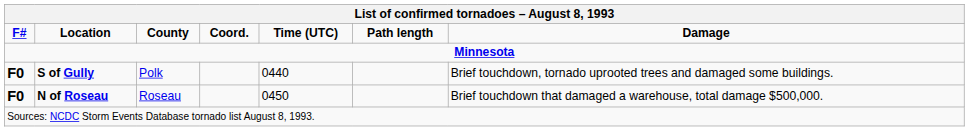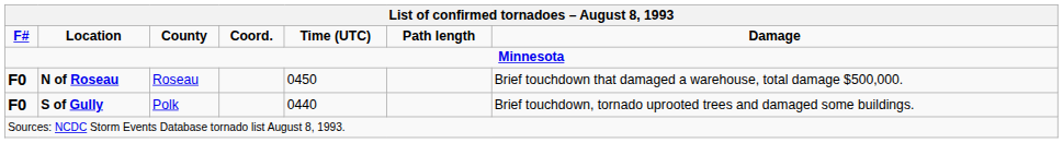 <table class="wikitable collapsible" width="100%">
 <tr>
 <th colspan="7">List of confirmed tornadoes – August 8, 1993</th>
 </tr>
 <tr style="text-align:center;">
 <td><strong><a href='#'>F#</a></strong></td>
 <td><strong>Location</strong></td>
 <td><strong>County</strong></td>
 <td><strong>Coord.</strong></td>
 <td><strong>Time (UTC)</strong></td>
 <td><strong>Path length</strong></td>
 <td><strong>Damage</strong></td>
 </tr>
 <tr>
 <td colspan="7" align=center><strong><a href='#'>Minnesota</a></strong></td>
 </tr>
 <tr>
 <td><big><strong>F0</strong></big></td>
+<td><strong>N of <a href='#'>Roseau</a></strong></td>
+<td><a href='#'>Roseau</a></td>
+<td></td>
+<td>0450</td>
+<td></td>
+<td>Brief touchdown that damaged a warehouse, total damage $500,000.</td>
+</tr>
+<tr>
+<td><big><strong>F0</strong></big></td>
 <td><strong>S of <a href='#'>Gully</a></strong></td>
 <td><a href='#'>Polk</a></td>
 <td></td>
 <td>0440</td>
 <td></td>
 <td>Brief touchdown, tornado uprooted trees and damaged some buildings.</td>
 </tr>
 <tr>
-<td><big><strong>F0</strong></big></td>
-<td><strong>N of <a href='#'>Roseau</a></strong></td>
-<td><a href='#'>Roseau</a></td>
-<td></td>
-<td>0450</td>
-<td></td>
-<td>Brief touchdown that damaged a warehouse, total damage $500,000.</td>
-</tr>
-<tr>
 <td colspan="7"><small>Sources: <a href='#'>NCDC</a> Storm Events Database tornado list August 8, 1993.</small></td>
 </tr>
 </table>
